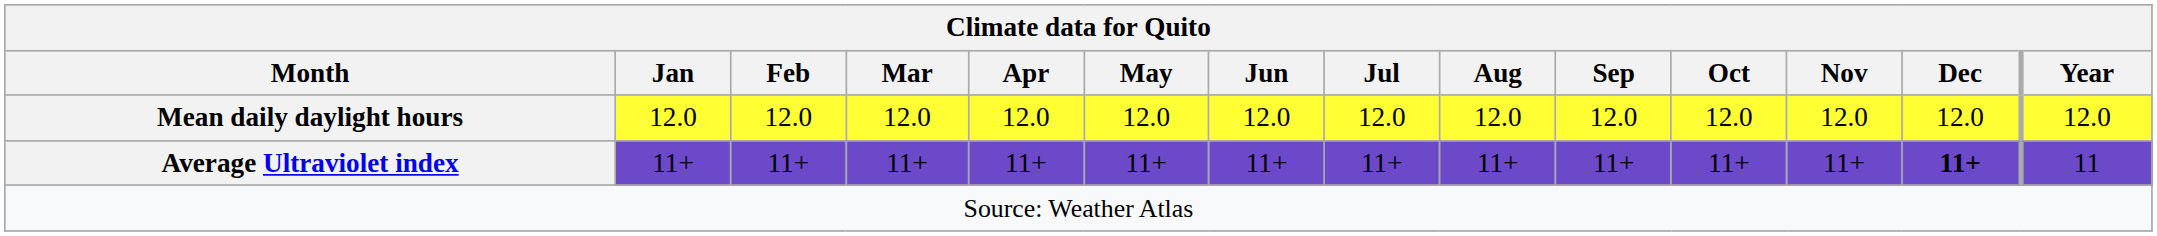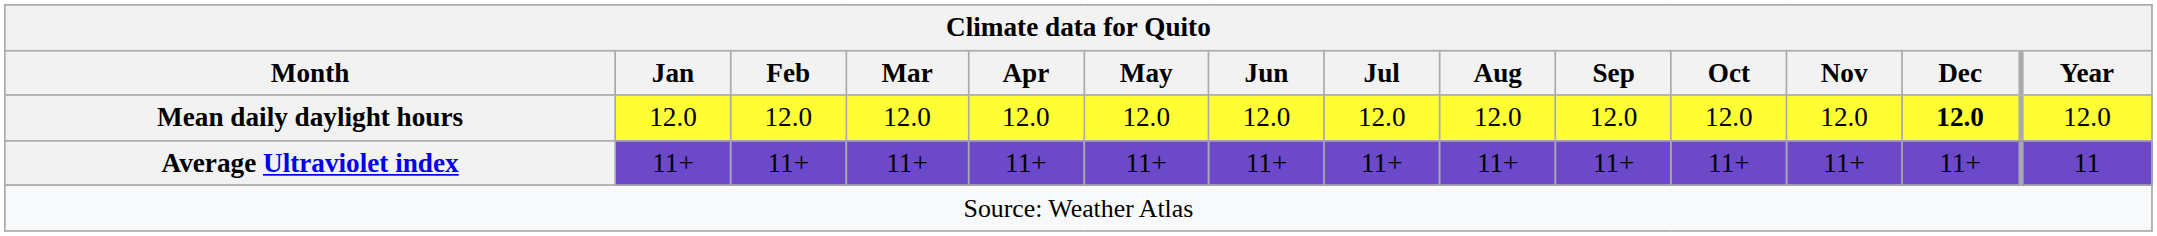 <table style="width:100%;text-align:center;line-height:1.2em;margin-left:auto;margin-right:auto" class="wikitable mw-collapsible">
 <tr>
 <th Colspan=14>Climate data for Quito</th>
 </tr>
 <tr>
 <th>Month</th>
 <th>Jan</th>
 <th>Feb</th>
 <th>Mar</th>
 <th>Apr</th>
 <th>May</th>
 <th>Jun</th>
 <th>Jul</th>
 <th>Aug</th>
 <th>Sep</th>
 <th>Oct</th>
 <th>Nov</th>
 <th>Dec</th>
 <th style="border-left-width:medium">Year</th>
 </tr>
 <tr>
 <th>Mean daily daylight hours</th>
 <td style="background:#FFFF33;color:#000000;">12.0</td>
 <td style="background:#FFFF33;color:#000000;">12.0</td>
 <td style="background:#FFFF33;color:#000000;">12.0</td>
 <td style="background:#FFFF33;color:#000000;">12.0</td>
 <td style="background:#FFFF33;color:#000000;">12.0</td>
 <td style="background:#FFFF33;color:#000000;">12.0</td>
 <td style="background:#FFFF33;color:#000000;">12.0</td>
 <td style="background:#FFFF33;color:#000000;">12.0</td>
 <td style="background:#FFFF33;color:#000000;">12.0</td>
 <td style="background:#FFFF33;color:#000000;">12.0</td>
 <td style="background:#FFFF33;color:#000000;">12.0</td>
-<td style="background:#FFFF33;color:#000000;">12.0</td>
+<td style="background:#FFFF33;color:#000000;"><strong>12.0</strong></td>
 <td style="background:#FFFF33;color:#000000;border-left-width:medium">12.0</td>
 </tr>
 <tr>
 <th>Average <a href='#'>Ultraviolet index</a></th>
 <td style="background:#6b49c8;color:#000000;">11+</td>
 <td style="background:#6b49c8;color:#000000;">11+</td>
 <td style="background:#6b49c8;color:#000000;">11+</td>
 <td style="background:#6b49c8;color:#000000;">11+</td>
 <td style="background:#6b49c8;color:#000000;">11+</td>
 <td style="background:#6b49c8;color:#000000;">11+</td>
 <td style="background:#6b49c8;color:#000000;">11+</td>
 <td style="background:#6b49c8;color:#000000;">11+</td>
 <td style="background:#6b49c8;color:#000000;">11+</td>
 <td style="background:#6b49c8;color:#000000;">11+</td>
 <td style="background:#6b49c8;color:#000000;">11+</td>
-<td style="background:#6b49c8;color:#000000;"><strong>11+</strong></td>
+<td style="background:#6b49c8;color:#000000;">11+</td>
 <td style="background:#6b49c8;color:#000000;border-left-width:medium">11</td>
 </tr>
 <tr>
 <th Colspan=14 style="background:#f8f9fa;font-weight:normal;font-size:95%;">Source: Weather Atlas</th>
 </tr>
 </table>
